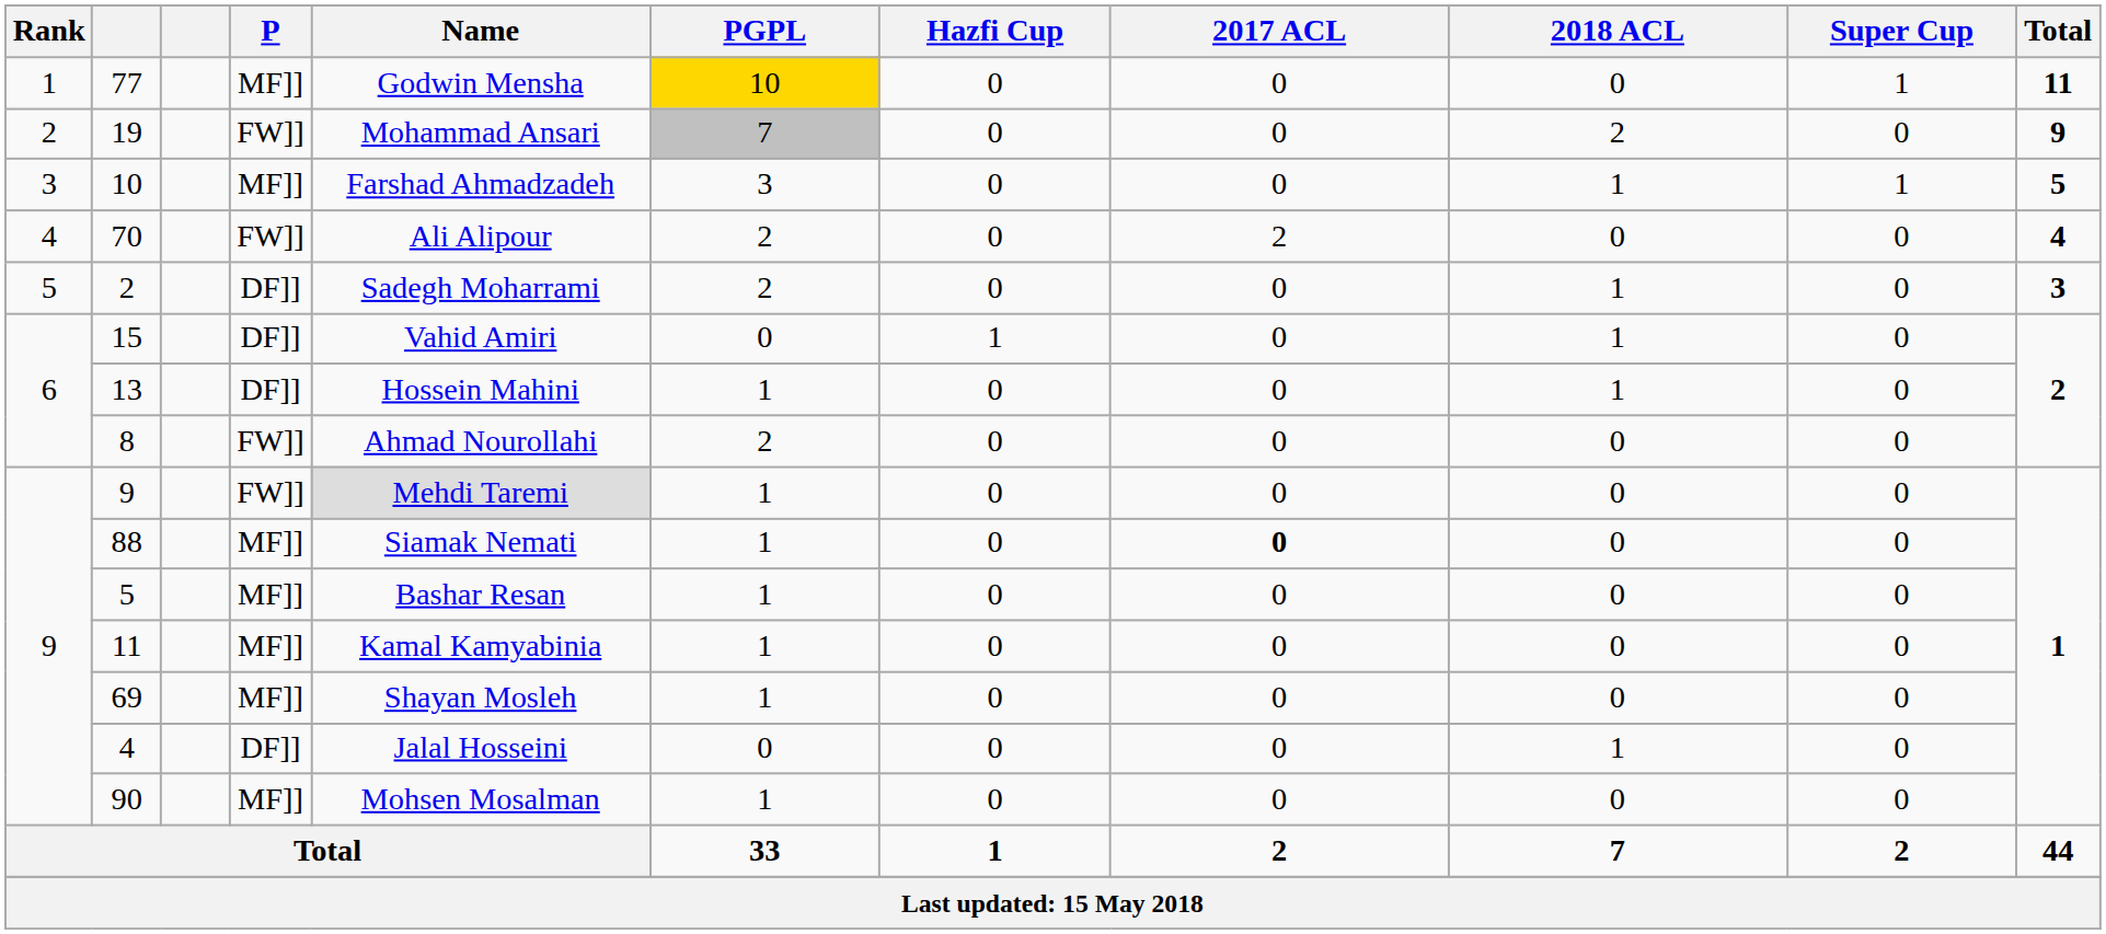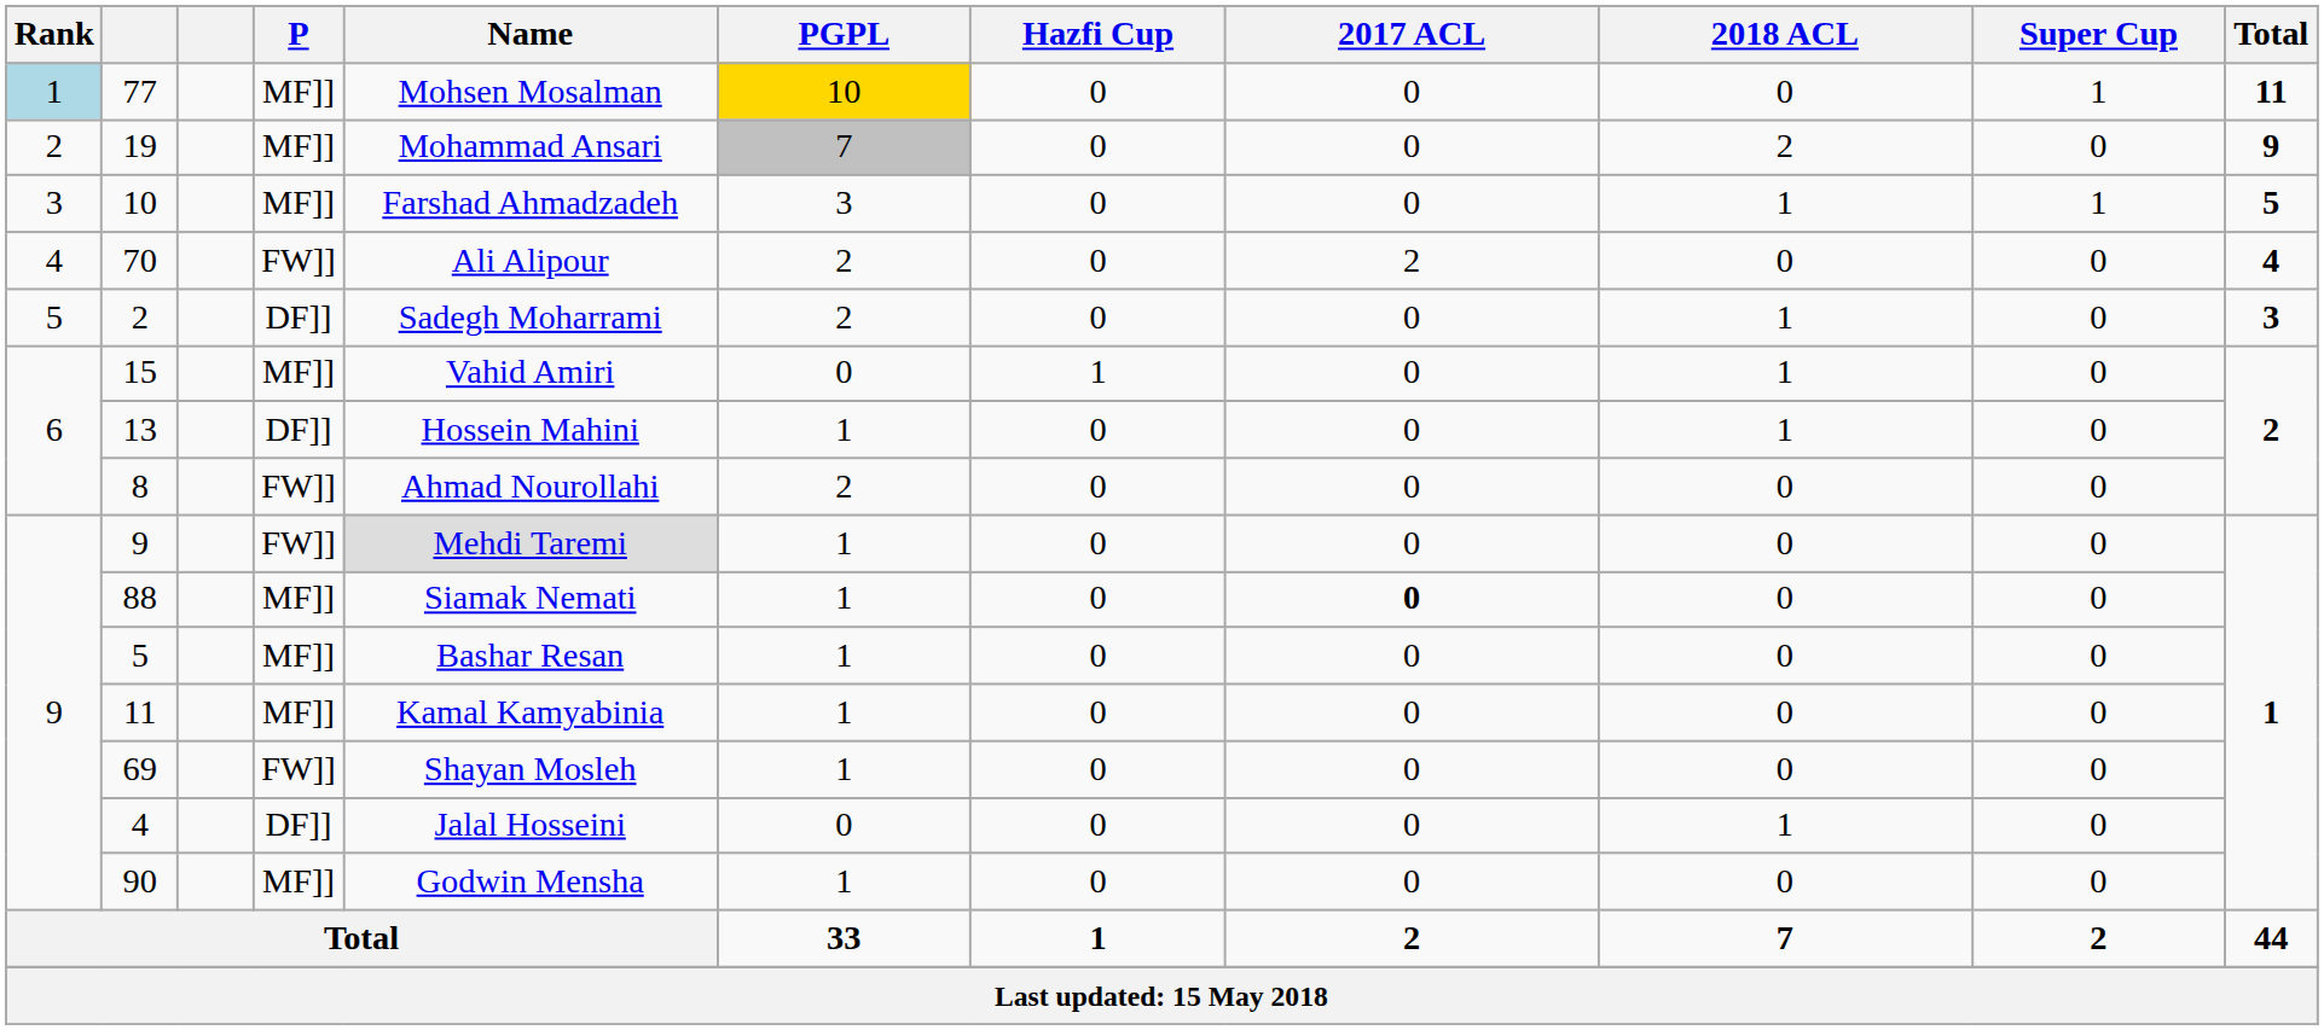 <table class="wikitable" style="text-align:center; font-size:90%">
 <tr>
 <th width=25>Rank</th>
 <th width=25></th>
 <th width=25></th>
 <th width=25><a href='#'>P</a></th>
 <th width=150>Name</th>
 <th width=100><a href='#'>PGPL</a></th>
 <th width=100><a href='#'>Hazfi Cup</a></th>
 <th width=150><a href='#'>2017 ACL</a></th>
 <th width=150><a href='#'>2018 ACL</a></th>
 <th width=100><a href='#'>Super Cup</a></th>
 <th>Total</th>
 </tr>
 <tr>
-<td>1</td>
+<td style="background: lightblue;">1</td>
 <td>77</td>
 <td></td>
 <td [[>MF]]</td>
-<td><a href='#'>Godwin Mensha</a></td>
+<td><a href='#'>Mohsen Mosalman</a></td>
 <td style="background:Gold">10</td>
 <td>0</td>
 <td>0</td>
 <td>0</td>
 <td>1</td>
 <td><strong>11</strong></td>
 </tr>
 <tr>
 <td>2</td>
 <td>19</td>
 <td></td>
-<td [[>FW]]</td>
+<td [[>MF]]</td>
 <td><a href='#'>Mohammad Ansari</a></td>
 <td style="background:Silver">7</td>
 <td>0</td>
 <td>0</td>
 <td>2</td>
 <td>0</td>
 <td><strong>9</strong></td>
 </tr>
 <tr>
 <td>3</td>
 <td>10</td>
 <td></td>
 <td [[>MF]]</td>
 <td><a href='#'>Farshad Ahmadzadeh</a></td>
 <td>3</td>
 <td>0</td>
 <td>0</td>
 <td>1</td>
 <td>1</td>
 <td><strong>5</strong></td>
 </tr>
 <tr>
 <td>4</td>
 <td>70</td>
 <td></td>
 <td [[>FW]]</td>
 <td><a href='#'>Ali Alipour</a></td>
 <td>2</td>
 <td>0</td>
 <td>2</td>
 <td>0</td>
 <td>0</td>
 <td><strong>4</strong></td>
 </tr>
 <tr>
 <td>5</td>
 <td>2</td>
 <td></td>
 <td [[>DF]]</td>
 <td><a href='#'>Sadegh Moharrami</a></td>
 <td>2</td>
 <td>0</td>
 <td>0</td>
 <td>1</td>
 <td>0</td>
 <td><strong>3</strong></td>
 </tr>
 <tr>
 <td rowspan=3>6</td>
 <td>15</td>
 <td></td>
-<td [[>DF]]</td>
+<td [[>MF]]</td>
 <td><a href='#'>Vahid Amiri</a></td>
 <td>0</td>
 <td>1</td>
 <td>0</td>
 <td>1</td>
 <td>0</td>
 <td rowspan=3><strong>2</strong></td>
 </tr>
 <tr>
 <td>13</td>
 <td></td>
 <td [[>DF]]</td>
 <td><a href='#'>Hossein Mahini</a></td>
 <td>1</td>
 <td>0</td>
 <td>0</td>
 <td>1</td>
 <td>0</td>
 </tr>
 <tr>
 <td>8</td>
 <td></td>
 <td [[>FW]]</td>
 <td><a href='#'>Ahmad Nourollahi</a></td>
 <td>2</td>
 <td>0</td>
 <td>0</td>
 <td>0</td>
 <td>0</td>
 </tr>
 <tr>
 <td rowspan=7>9</td>
 <td>9</td>
 <td></td>
 <td [[>FW]]</td>
 <td style="background:#DDDDDD"><a href='#'>Mehdi Taremi</a></td>
 <td>1</td>
 <td>0</td>
 <td>0</td>
 <td>0</td>
 <td>0</td>
 <td rowspan=7><strong>1</strong></td>
 </tr>
 <tr>
 <td>88</td>
 <td></td>
 <td [[>MF]]</td>
 <td><a href='#'>Siamak Nemati</a></td>
 <td>1</td>
 <td>0</td>
 <td><strong>0</strong></td>
 <td>0</td>
 <td>0</td>
 </tr>
 <tr>
 <td>5</td>
 <td></td>
 <td [[>MF]]</td>
 <td><a href='#'>Bashar Resan</a></td>
 <td>1</td>
 <td>0</td>
 <td>0</td>
 <td>0</td>
 <td>0</td>
 </tr>
 <tr>
 <td>11</td>
 <td></td>
 <td [[>MF]]</td>
 <td><a href='#'>Kamal Kamyabinia</a></td>
 <td>1</td>
 <td>0</td>
 <td>0</td>
 <td>0</td>
 <td>0</td>
 </tr>
 <tr>
 <td>69</td>
 <td></td>
-<td [[>MF]]</td>
+<td [[>FW]]</td>
 <td><a href='#'>Shayan Mosleh</a></td>
 <td>1</td>
 <td>0</td>
 <td>0</td>
 <td>0</td>
 <td>0</td>
 </tr>
 <tr>
 <td>4</td>
 <td></td>
 <td [[>DF]]</td>
 <td><a href='#'>Jalal Hosseini</a></td>
 <td>0</td>
 <td>0</td>
 <td>0</td>
 <td>1</td>
 <td>0</td>
 </tr>
 <tr>
 <td>90</td>
 <td></td>
 <td [[>MF]]</td>
-<td><a href='#'>Mohsen Mosalman</a></td>
+<td><a href='#'>Godwin Mensha</a></td>
 <td>1</td>
 <td>0</td>
 <td>0</td>
 <td>0</td>
 <td>0</td>
 </tr>
 <tr>
 <th colspan=5>Total</th>
 <td><strong>33</strong></td>
 <td><strong>1</strong></td>
 <td><strong>2</strong></td>
 <td><strong>7</strong></td>
 <td><strong>2</strong></td>
 <td><strong>44</strong></td>
 </tr>
 <tr>
 </tr>
 <tr align=left style="background:#DCDCDC">
 <th colspan=11><small>Last updated: 15 May 2018</small></th>
 </tr>
 </table>
